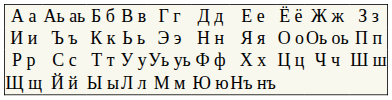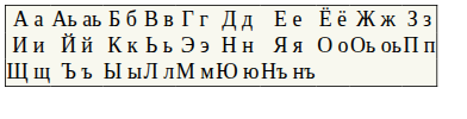 <table style="text-align:center; border-color:#000000; border-width:1px; border-style:solid; border-collapse:collapse; background-color:#F8F8EF;">
 <tr style="font-family:Arial Unicode MS; font-size:1.4em; padding: 3px;">
 <td>А а</td>
 <td>Аь аь</td>
 <td>Б б</td>
 <td>В в</td>
 <td>Г г</td>
 <td>Д д</td>
 <td>Е е</td>
 <td>Ё ё</td>
 <td>Ж ж</td>
 <td>З з</td>
 </tr>
 <tr style="font-family:Arial Unicode MS; font-size:1.4em; padding: 3px; width:3em;">
 <td>И и</td>
-<td>Ъ ъ</td>
+<td>Й й</td>
 <td>К к</td>
 <td>Ь ь</td>
 <td>Э э</td>
 <td>Н н</td>
 <td>Я я</td>
 <td>О о</td>
 <td>Оь оь</td>
 <td>П п</td>
 </tr>
 <tr style="font-family:Arial Unicode MS; font-size:1.4em; padding: 3px; width:3em;">
-<td>Р р</td>
-<td>С с</td>
-<td>Т т</td>
-<td>У у</td>
-<td>Уь уь</td>
-<td>Ф ф</td>
-<td>Х х</td>
-<td>Ц ц</td>
-<td>Ч ч</td>
-<td>Ш ш</td>
-</tr>
-<tr style="font-family:Arial Unicode MS; font-size:1.4em; padding: 3px; width:3em;">
 <td>Щ щ</td>
-<td>Й й</td>
+<td>Ъ ъ</td>
 <td>Ы ы</td>
 <td>Л л</td>
 <td>М м</td>
 <td>Ю ю</td>
 <td>Нъ нъ</td>
 </tr>
 </table>
